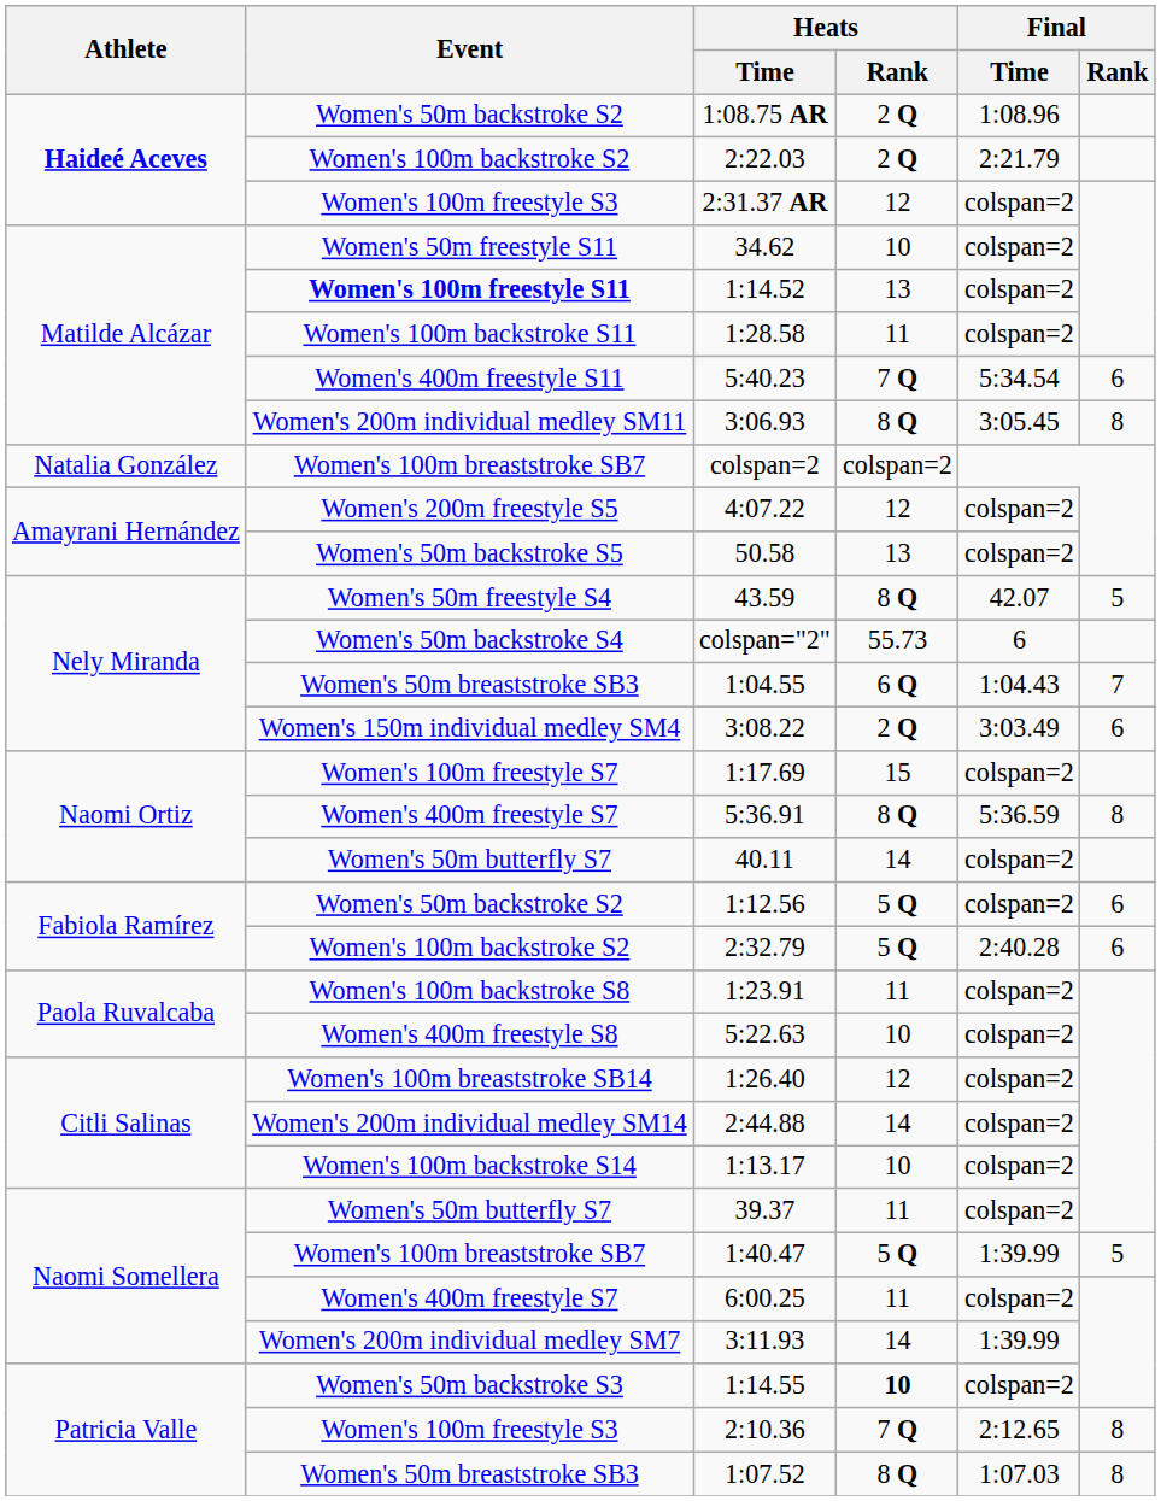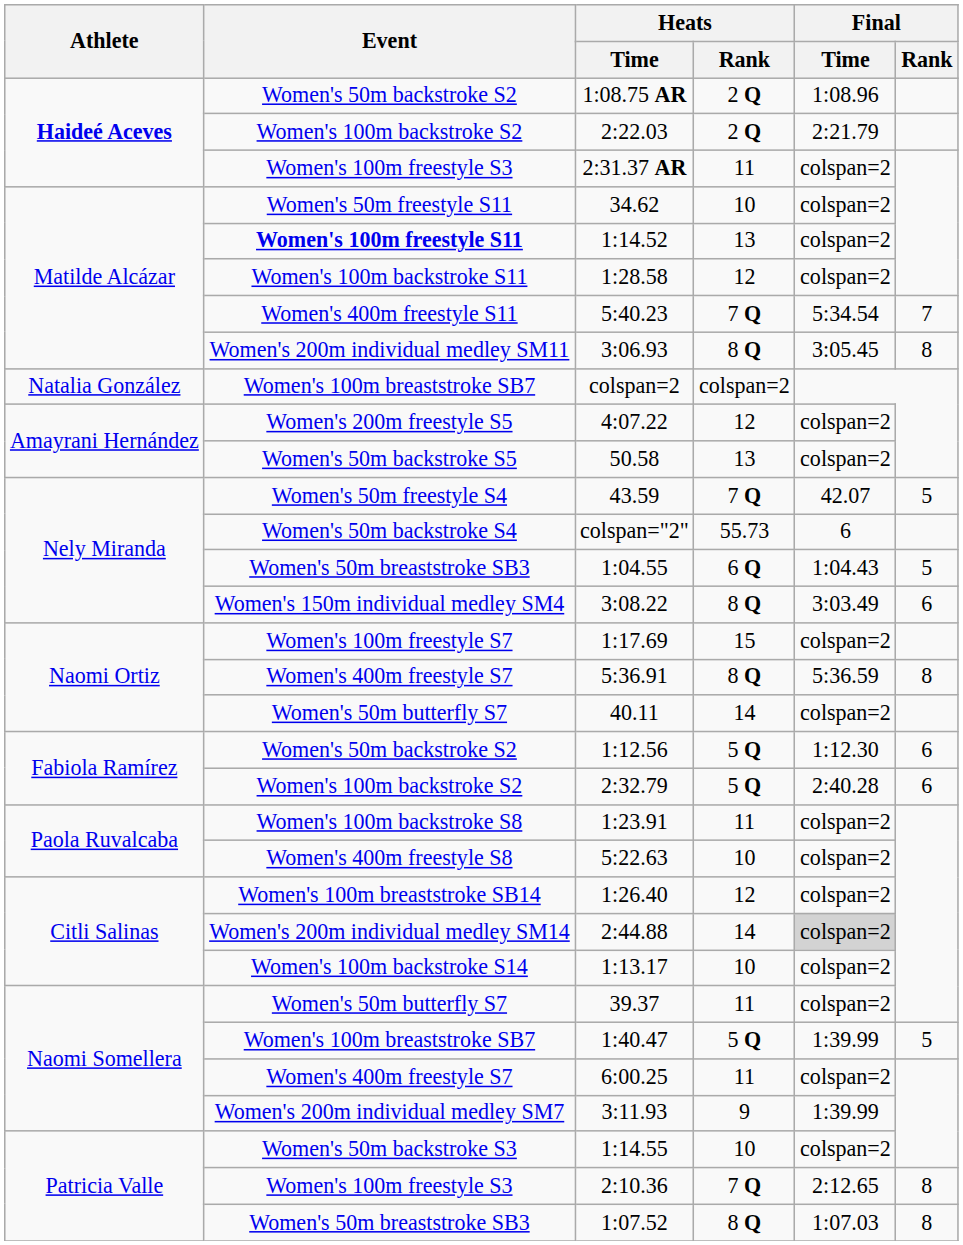 <table class="wikitable" style="font-size:90%; text-align:center">
 <tr>
 <th rowspan="2">Athlete</th>
 <th rowspan="2">Event</th>
 <th colspan="2">Heats</th>
 <th colspan="2">Final</th>
 </tr>
 <tr>
 <th>Time</th>
 <th>Rank</th>
 <th>Time</th>
 <th>Rank</th>
 </tr>
 <tr>
 <td rowspan="3"><strong><a href='#'>Haideé Aceves</a></strong></td>
 <td><a href='#'>Women's 50m backstroke S2</a></td>
 <td>1:08.75 <strong>AR</strong></td>
 <td>2 <strong>Q</strong></td>
 <td>1:08.96</td>
 <td></td>
 </tr>
 <tr>
 <td><a href='#'>Women's 100m backstroke S2</a></td>
 <td>2:22.03</td>
 <td>2 <strong>Q</strong></td>
 <td>2:21.79</td>
 <td></td>
 </tr>
 <tr>
 <td><a href='#'>Women's 100m freestyle S3</a></td>
 <td>2:31.37 <strong>AR</strong></td>
-<td>12</td>
+<td>11</td>
 <td>colspan=2</td>
 </tr>
 <tr>
 <td rowspan="5"><a href='#'>Matilde Alcázar</a></td>
 <td><a href='#'>Women's 50m freestyle S11</a></td>
 <td>34.62</td>
 <td>10</td>
 <td>colspan=2</td>
 </tr>
 <tr>
 <td><strong><a href='#'>Women's 100m freestyle S11</a></strong></td>
 <td>1:14.52</td>
 <td>13</td>
 <td>colspan=2</td>
 </tr>
 <tr>
 <td><a href='#'>Women's 100m backstroke S11</a></td>
 <td>1:28.58</td>
-<td>11</td>
+<td>12</td>
 <td>colspan=2</td>
 </tr>
 <tr>
 <td><a href='#'>Women's 400m freestyle S11</a></td>
 <td>5:40.23</td>
 <td>7 <strong>Q</strong></td>
 <td>5:34.54</td>
-<td>6</td>
+<td>7</td>
 </tr>
 <tr>
 <td><a href='#'>Women's 200m individual medley SM11</a></td>
 <td>3:06.93</td>
 <td>8 <strong>Q</strong></td>
 <td>3:05.45</td>
 <td>8</td>
 </tr>
 <tr>
 <td><a href='#'>Natalia González</a></td>
 <td><a href='#'>Women's 100m breaststroke SB7</a></td>
 <td>colspan=2</td>
 <td>colspan=2</td>
 </tr>
 <tr>
 <td rowspan="2"><a href='#'>Amayrani Hernández</a></td>
 <td><a href='#'>Women's 200m freestyle S5</a></td>
 <td>4:07.22</td>
 <td>12</td>
 <td>colspan=2</td>
 </tr>
 <tr>
 <td><a href='#'>Women's 50m backstroke S5</a></td>
 <td>50.58</td>
 <td>13</td>
 <td>colspan=2</td>
 </tr>
 <tr>
 <td rowspan="4"><a href='#'>Nely Miranda</a></td>
 <td><a href='#'>Women's 50m freestyle S4</a></td>
 <td>43.59</td>
-<td>8 <strong>Q</strong></td>
+<td>7 <strong>Q</strong></td>
 <td>42.07</td>
 <td>5</td>
 </tr>
 <tr>
 <td><a href='#'>Women's 50m backstroke S4</a></td>
 <td>colspan="2" </td>
 <td>55.73</td>
 <td>6</td>
 </tr>
 <tr>
 <td><a href='#'>Women's 50m breaststroke SB3</a></td>
 <td>1:04.55</td>
 <td>6 <strong>Q</strong></td>
 <td>1:04.43</td>
-<td>7</td>
+<td>5</td>
 </tr>
 <tr>
 <td><a href='#'>Women's 150m individual medley SM4</a></td>
 <td>3:08.22</td>
-<td>2 <strong>Q</strong></td>
+<td>8 <strong>Q</strong></td>
 <td>3:03.49</td>
 <td>6</td>
 </tr>
 <tr>
 <td rowspan="3"><a href='#'>Naomi Ortiz</a></td>
 <td><a href='#'>Women's 100m freestyle S7</a></td>
 <td>1:17.69</td>
 <td>15</td>
 <td>colspan=2</td>
 </tr>
 <tr>
 <td><a href='#'>Women's 400m freestyle S7</a></td>
 <td>5:36.91</td>
 <td>8 <strong>Q</strong></td>
 <td>5:36.59</td>
 <td>8</td>
 </tr>
 <tr>
 <td><a href='#'>Women's 50m butterfly S7</a></td>
 <td>40.11</td>
 <td>14</td>
 <td>colspan=2</td>
 </tr>
 <tr>
 <td rowspan="2"><a href='#'>Fabiola Ramírez</a></td>
 <td><a href='#'>Women's 50m backstroke S2</a></td>
 <td>1:12.56</td>
 <td>5 <strong>Q</strong></td>
-<td>colspan=2</td>
+<td>1:12.30</td>
 <td>6</td>
 </tr>
 <tr>
 <td><a href='#'>Women's 100m backstroke S2</a></td>
 <td>2:32.79</td>
 <td>5 <strong>Q</strong></td>
 <td>2:40.28</td>
 <td>6</td>
 </tr>
 <tr>
 <td rowspan="2"><a href='#'>Paola Ruvalcaba</a></td>
 <td><a href='#'>Women's 100m backstroke S8</a></td>
 <td>1:23.91</td>
 <td>11</td>
 <td>colspan=2</td>
 </tr>
 <tr>
 <td><a href='#'>Women's 400m freestyle S8</a></td>
 <td>5:22.63</td>
 <td>10</td>
 <td>colspan=2</td>
 </tr>
 <tr>
 <td rowspan="3"><a href='#'>Citli Salinas</a></td>
 <td><a href='#'>Women's 100m breaststroke SB14</a></td>
 <td>1:26.40</td>
 <td>12</td>
 <td>colspan=2</td>
 </tr>
 <tr>
 <td><a href='#'>Women's 200m individual medley SM14</a></td>
 <td>2:44.88</td>
 <td>14</td>
-<td>colspan=2</td>
+<td style="background: lightgrey;">colspan=2</td>
 </tr>
 <tr>
 <td><a href='#'>Women's 100m backstroke S14</a></td>
 <td>1:13.17</td>
 <td>10</td>
 <td>colspan=2</td>
 </tr>
 <tr>
 <td rowspan="4"><a href='#'>Naomi Somellera</a></td>
 <td><a href='#'>Women's 50m butterfly S7</a></td>
 <td>39.37</td>
 <td>11</td>
 <td>colspan=2</td>
 </tr>
 <tr>
 <td><a href='#'>Women's 100m breaststroke SB7</a></td>
 <td>1:40.47</td>
 <td>5 <strong>Q</strong></td>
 <td>1:39.99</td>
 <td>5</td>
 </tr>
 <tr>
 <td><a href='#'>Women's 400m freestyle S7</a></td>
 <td>6:00.25</td>
 <td>11</td>
 <td>colspan=2</td>
 </tr>
 <tr>
 <td><a href='#'>Women's 200m individual medley SM7</a></td>
 <td>3:11.93</td>
-<td>14</td>
+<td>9</td>
 <td>1:39.99</td>
 </tr>
 <tr>
 <td rowspan="3"><a href='#'>Patricia Valle</a></td>
 <td><a href='#'>Women's 50m backstroke S3</a></td>
 <td>1:14.55</td>
-<td><strong>10</strong></td>
+<td>10</td>
 <td>colspan=2</td>
 </tr>
 <tr>
 <td><a href='#'>Women's 100m freestyle S3</a></td>
 <td>2:10.36</td>
 <td>7 <strong>Q</strong></td>
 <td>2:12.65</td>
 <td>8</td>
 </tr>
 <tr>
 <td><a href='#'>Women's 50m breaststroke SB3</a></td>
 <td>1:07.52</td>
 <td>8 <strong>Q</strong></td>
 <td>1:07.03</td>
 <td>8</td>
 </tr>
 </table>
